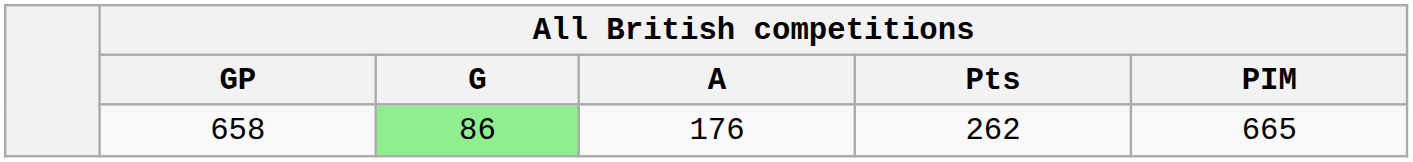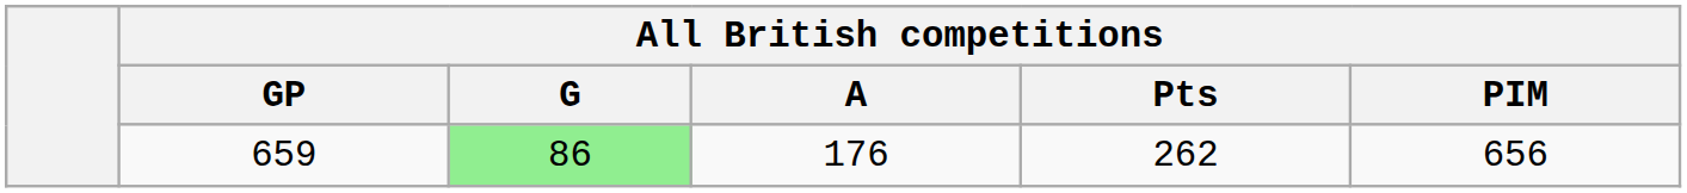 <table class="wikitable"| BORDER="0" CELLPADDING="1" CELLSPACING="0" width="30%" style="text-align:center">
 <tr bgcolor="#e0e0e0">
 <th rowspan="99" bgcolor="#ffffff"> </th>
 <th colspan="5">All British competitions</th>
 </tr>
 <tr bgcolor="#e0e0e0">
 <th>GP</th>
 <th>G</th>
 <th>A</th>
 <th>Pts</th>
 <th>PIM</th>
 </tr>
 <tr ALIGN="center">
-<td>658</td>
+<td>659</td>
 <td style="background: lightgreen;">86</td>
 <td>176</td>
 <td>262</td>
-<td>665</td>
+<td>656</td>
 </tr>
 </table>
